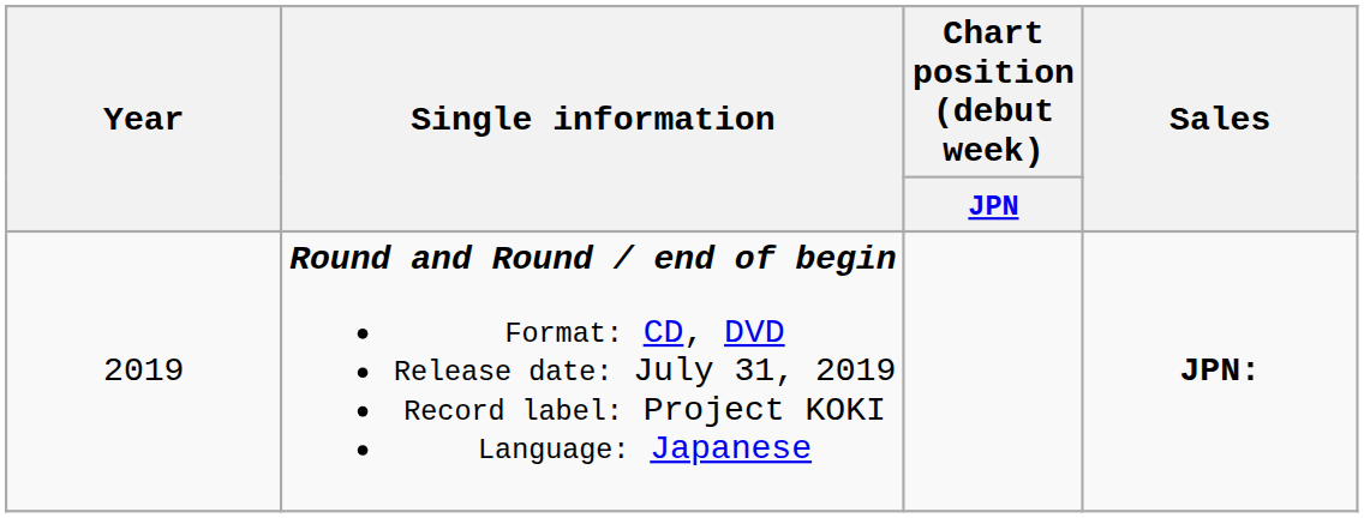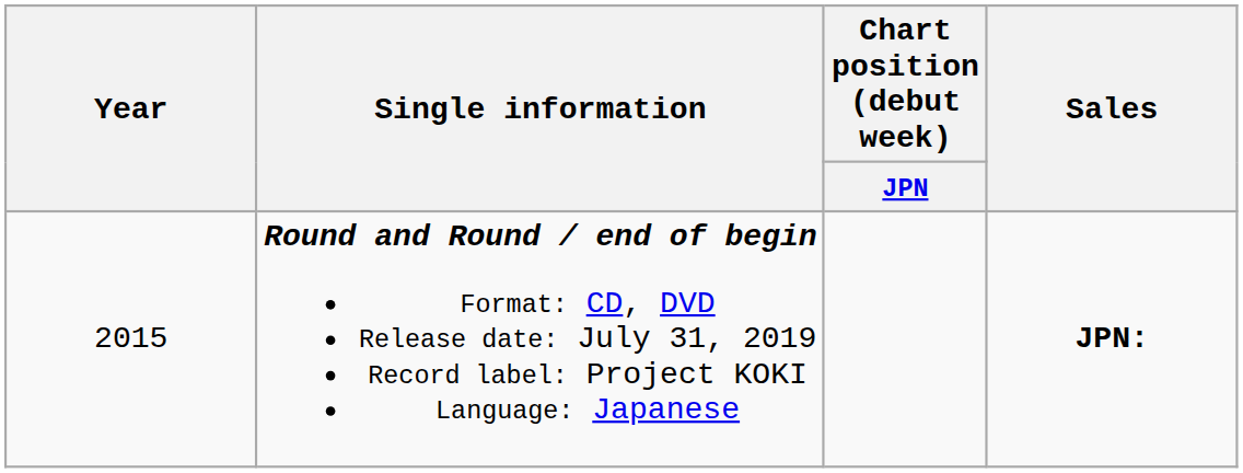 <table class="wikitable" style="text-align:center;">
 <tr>
 <th rowspan="2" style="width:100px;">Year</th>
 <th rowspan="2">Single information</th>
 <th colspan="1">Chart position (debut week)</th>
 <th rowspan=2 width="100">Sales</th>
 </tr>
 <tr>
 <th width="30"><small><a href='#'>JPN</a></small></th>
 </tr>
 <tr>
-<td>2019</td>
+<td>2015</td>
 <td><strong><em>Round and Round / end of begin</em></strong><br><ul><li><small>Format:</small> <a href='#'>CD</a>, <a href='#'>DVD</a></li><li><small>Release date:</small> July 31, 2019</li><li><small>Record label:</small> Project KOKI</li><li><small>Language:</small> <a href='#'>Japanese</a></li></ul></td>
 <td style="text-align:center;"></td>
 <td><strong>JPN:</strong></td>
 </tr>
 </table>
